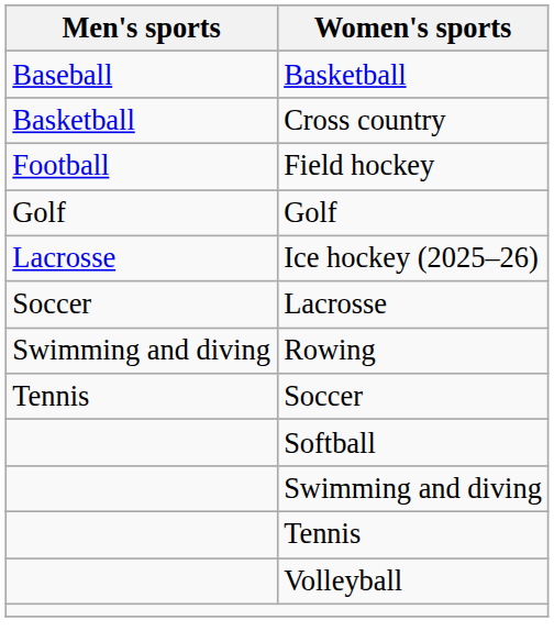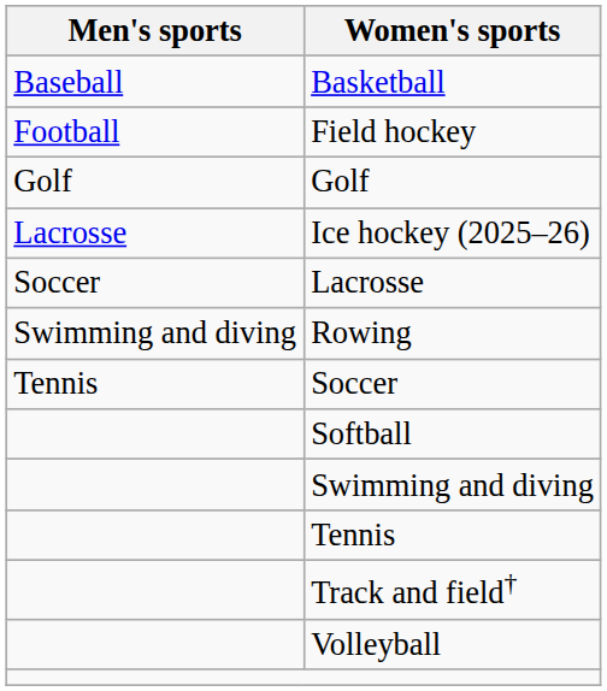 <table class="wikitable" style="float: ; clear: ; margin:0 0 1em 1em;">
 <tr>
 <th width=px>Men's sports</th>
 <th width=px>Women's sports</th>
 </tr>
 <tr>
 <td><a href='#'>Baseball</a></td>
 <td><a href='#'>Basketball</a></td>
-</tr>
-<tr>
-<td><a href='#'>Basketball</a></td>
-<td>Cross country</td>
 </tr>
 <tr>
 <td><a href='#'>Football</a></td>
 <td>Field hockey</td>
 </tr>
 <tr>
 <td>Golf</td>
 <td>Golf</td>
 </tr>
 <tr>
 <td><a href='#'>Lacrosse</a></td>
 <td>Ice hockey (2025–26)</td>
 </tr>
 <tr>
 <td>Soccer</td>
 <td>Lacrosse</td>
 </tr>
 <tr>
 <td>Swimming and diving</td>
 <td>Rowing</td>
 </tr>
 <tr>
 <td>Tennis</td>
 <td>Soccer</td>
 </tr>
 <tr>
 <td></td>
 <td>Softball</td>
 </tr>
 <tr>
 <td></td>
 <td>Swimming and diving</td>
 </tr>
 <tr>
 <td></td>
 <td>Tennis</td>
 </tr>
 <tr>
 <td></td>
+<td>Track and field<sup>†</sup></td>
+</tr>
+<tr>
+<td></td>
 <td>Volleyball</td>
 </tr>
 <tr>
 <td colspan="2"></td>
 </tr>
 </table>
